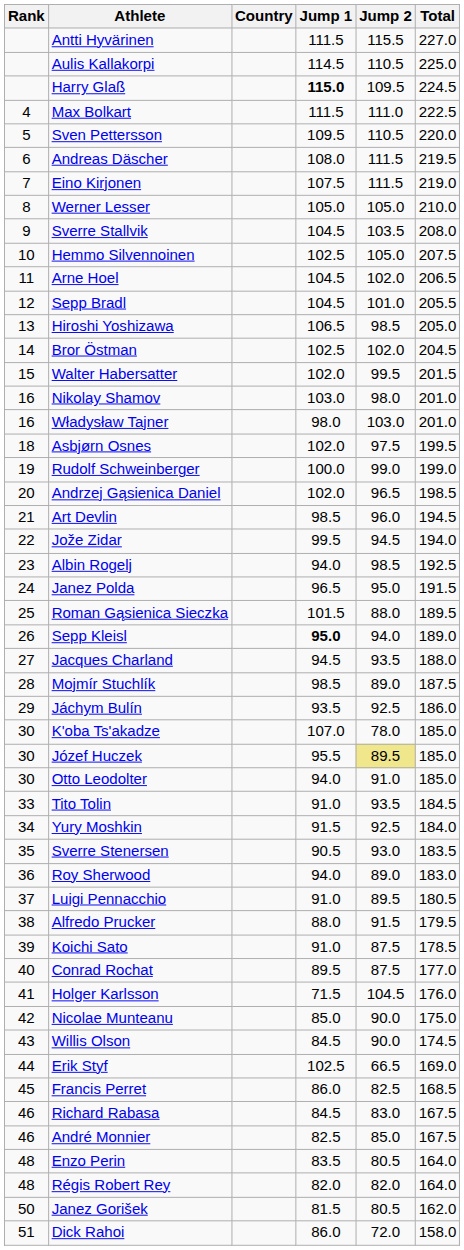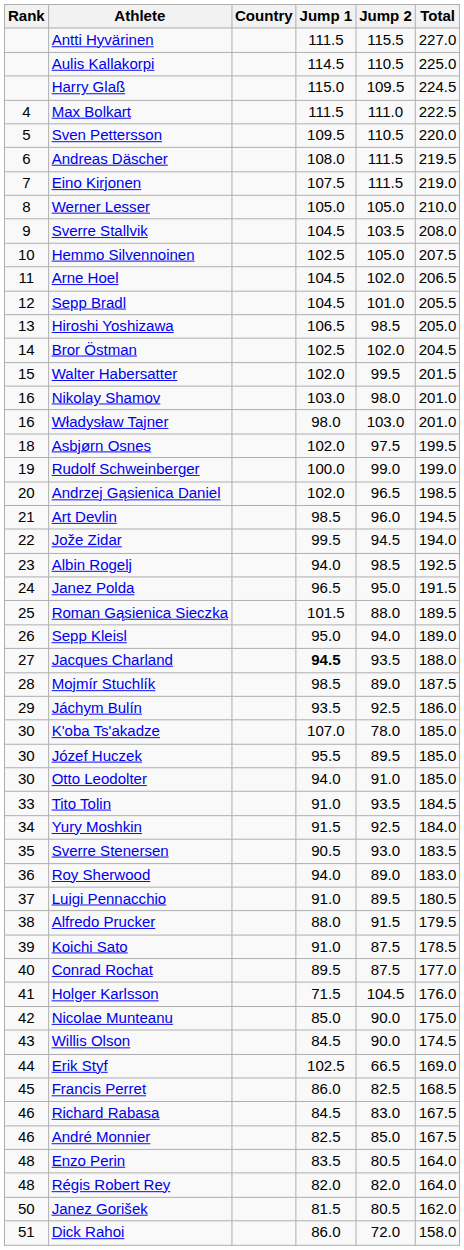 <table class="wikitable sortable" style="text-align:center">
 <tr>
 <th>Rank</th>
 <th>Athlete</th>
 <th>Country</th>
 <th>Jump 1</th>
 <th>Jump 2</th>
 <th>Total</th>
 </tr>
 <tr>
 <td></td>
 <td align=left><a href='#'>Antti Hyvärinen</a></td>
 <td align=left></td>
 <td>111.5</td>
 <td>115.5</td>
 <td>227.0</td>
 </tr>
 <tr>
 <td></td>
 <td align=left><a href='#'>Aulis Kallakorpi</a></td>
 <td align=left></td>
 <td>114.5</td>
 <td>110.5</td>
 <td>225.0</td>
 </tr>
 <tr>
 <td></td>
 <td align=left><a href='#'>Harry Glaß</a></td>
 <td align=left></td>
-<td><strong>115.0</strong></td>
+<td>115.0</td>
 <td>109.5</td>
 <td>224.5</td>
 </tr>
 <tr>
 <td>4</td>
 <td align=left><a href='#'>Max Bolkart</a></td>
 <td align=left></td>
 <td>111.5</td>
 <td>111.0</td>
 <td>222.5</td>
 </tr>
 <tr>
 <td>5</td>
 <td align=left><a href='#'>Sven Pettersson</a></td>
 <td align=left></td>
 <td>109.5</td>
 <td>110.5</td>
 <td>220.0</td>
 </tr>
 <tr>
 <td>6</td>
 <td align=left><a href='#'>Andreas Däscher</a></td>
 <td align=left></td>
 <td>108.0</td>
 <td>111.5</td>
 <td>219.5</td>
 </tr>
 <tr>
 <td>7</td>
 <td align=left><a href='#'>Eino Kirjonen</a></td>
 <td align=left></td>
 <td>107.5</td>
 <td>111.5</td>
 <td>219.0</td>
 </tr>
 <tr>
 <td>8</td>
 <td align=left><a href='#'>Werner Lesser</a></td>
 <td align=left></td>
 <td>105.0</td>
 <td>105.0</td>
 <td>210.0</td>
 </tr>
 <tr>
 <td>9</td>
 <td align=left><a href='#'>Sverre Stallvik</a></td>
 <td align=left></td>
 <td>104.5</td>
 <td>103.5</td>
 <td>208.0</td>
 </tr>
 <tr>
 <td>10</td>
 <td align=left><a href='#'>Hemmo Silvennoinen</a></td>
 <td align=left></td>
 <td>102.5</td>
 <td>105.0</td>
 <td>207.5</td>
 </tr>
 <tr>
 <td>11</td>
 <td align=left><a href='#'>Arne Hoel</a></td>
 <td align=left></td>
 <td>104.5</td>
 <td>102.0</td>
 <td>206.5</td>
 </tr>
 <tr>
 <td>12</td>
 <td align=left><a href='#'>Sepp Bradl</a></td>
 <td align=left></td>
 <td>104.5</td>
 <td>101.0</td>
 <td>205.5</td>
 </tr>
 <tr>
 <td>13</td>
 <td align=left><a href='#'>Hiroshi Yoshizawa</a></td>
 <td align=left></td>
 <td>106.5</td>
 <td>98.5</td>
 <td>205.0</td>
 </tr>
 <tr>
 <td>14</td>
 <td align=left><a href='#'>Bror Östman</a></td>
 <td align=left></td>
 <td>102.5</td>
 <td>102.0</td>
 <td>204.5</td>
 </tr>
 <tr>
 <td>15</td>
 <td align=left><a href='#'>Walter Habersatter</a></td>
 <td align=left></td>
 <td>102.0</td>
 <td>99.5</td>
 <td>201.5</td>
 </tr>
 <tr>
 <td>16</td>
 <td align=left><a href='#'>Nikolay Shamov</a></td>
 <td align=left></td>
 <td>103.0</td>
 <td>98.0</td>
 <td>201.0</td>
 </tr>
 <tr>
 <td>16</td>
 <td align=left><a href='#'>Władysław Tajner</a></td>
 <td align=left></td>
 <td>98.0</td>
 <td>103.0</td>
 <td>201.0</td>
 </tr>
 <tr>
 <td>18</td>
 <td align=left><a href='#'>Asbjørn Osnes</a></td>
 <td align=left></td>
 <td>102.0</td>
 <td>97.5</td>
 <td>199.5</td>
 </tr>
 <tr>
 <td>19</td>
 <td align=left><a href='#'>Rudolf Schweinberger</a></td>
 <td align=left></td>
 <td>100.0</td>
 <td>99.0</td>
 <td>199.0</td>
 </tr>
 <tr>
 <td>20</td>
 <td align=left><a href='#'>Andrzej Gąsienica Daniel</a></td>
 <td align=left></td>
 <td>102.0</td>
 <td>96.5</td>
 <td>198.5</td>
 </tr>
 <tr>
 <td>21</td>
 <td align=left><a href='#'>Art Devlin</a></td>
 <td align=left></td>
 <td>98.5</td>
 <td>96.0</td>
 <td>194.5</td>
 </tr>
 <tr>
 <td>22</td>
 <td align=left><a href='#'>Jože Zidar</a></td>
 <td align=left></td>
 <td>99.5</td>
 <td>94.5</td>
 <td>194.0</td>
 </tr>
 <tr>
 <td>23</td>
 <td align=left><a href='#'>Albin Rogelj</a></td>
 <td align=left></td>
 <td>94.0</td>
 <td>98.5</td>
 <td>192.5</td>
 </tr>
 <tr>
 <td>24</td>
 <td align=left><a href='#'>Janez Polda</a></td>
 <td align=left></td>
 <td>96.5</td>
 <td>95.0</td>
 <td>191.5</td>
 </tr>
 <tr>
 <td>25</td>
 <td align=left><a href='#'>Roman Gąsienica Sieczka</a></td>
 <td align=left></td>
 <td>101.5</td>
 <td>88.0</td>
 <td>189.5</td>
 </tr>
 <tr>
 <td>26</td>
 <td align=left><a href='#'>Sepp Kleisl</a></td>
 <td align=left></td>
-<td><strong>95.0</strong></td>
+<td>95.0</td>
 <td>94.0</td>
 <td>189.0</td>
 </tr>
 <tr>
 <td>27</td>
 <td align=left><a href='#'>Jacques Charland</a></td>
 <td align=left></td>
-<td>94.5</td>
+<td><strong>94.5</strong></td>
 <td>93.5</td>
 <td>188.0</td>
 </tr>
 <tr>
 <td>28</td>
 <td align=left><a href='#'>Mojmír Stuchlík</a></td>
 <td align=left></td>
 <td>98.5</td>
 <td>89.0</td>
 <td>187.5</td>
 </tr>
 <tr>
 <td>29</td>
 <td align=left><a href='#'>Jáchym Bulín</a></td>
 <td align=left></td>
 <td>93.5</td>
 <td>92.5</td>
 <td>186.0</td>
 </tr>
 <tr>
 <td>30</td>
 <td align=left><a href='#'>K'oba Ts'akadze</a></td>
 <td align=left></td>
 <td>107.0</td>
 <td>78.0</td>
 <td>185.0</td>
 </tr>
 <tr>
 <td>30</td>
 <td align=left><a href='#'>Józef Huczek</a></td>
 <td align=left></td>
 <td>95.5</td>
-<td style="background: khaki;">89.5</td>
+<td>89.5</td>
 <td>185.0</td>
 </tr>
 <tr>
 <td>30</td>
 <td align=left><a href='#'>Otto Leodolter</a></td>
 <td align=left></td>
 <td>94.0</td>
 <td>91.0</td>
 <td>185.0</td>
 </tr>
 <tr>
 <td>33</td>
 <td align=left><a href='#'>Tito Tolin</a></td>
 <td align=left></td>
 <td>91.0</td>
 <td>93.5</td>
 <td>184.5</td>
 </tr>
 <tr>
 <td>34</td>
 <td align=left><a href='#'>Yury Moshkin</a></td>
 <td align=left></td>
 <td>91.5</td>
 <td>92.5</td>
 <td>184.0</td>
 </tr>
 <tr>
 <td>35</td>
 <td align=left><a href='#'>Sverre Stenersen</a></td>
 <td align=left></td>
 <td>90.5</td>
 <td>93.0</td>
 <td>183.5</td>
 </tr>
 <tr>
 <td>36</td>
 <td align=left><a href='#'>Roy Sherwood</a></td>
 <td align=left></td>
 <td>94.0</td>
 <td>89.0</td>
 <td>183.0</td>
 </tr>
 <tr>
 <td>37</td>
 <td align=left><a href='#'>Luigi Pennacchio</a></td>
 <td align=left></td>
 <td>91.0</td>
 <td>89.5</td>
 <td>180.5</td>
 </tr>
 <tr>
 <td>38</td>
 <td align=left><a href='#'>Alfredo Prucker</a></td>
 <td align=left></td>
 <td>88.0</td>
 <td>91.5</td>
 <td>179.5</td>
 </tr>
 <tr>
 <td>39</td>
 <td align=left><a href='#'>Koichi Sato</a></td>
 <td align=left></td>
 <td>91.0</td>
 <td>87.5</td>
 <td>178.5</td>
 </tr>
 <tr>
 <td>40</td>
 <td align=left><a href='#'>Conrad Rochat</a></td>
 <td align=left></td>
 <td>89.5</td>
 <td>87.5</td>
 <td>177.0</td>
 </tr>
 <tr>
 <td>41</td>
 <td align=left><a href='#'>Holger Karlsson</a></td>
 <td align=left></td>
 <td>71.5</td>
 <td>104.5</td>
 <td>176.0</td>
 </tr>
 <tr>
 <td>42</td>
 <td align=left><a href='#'>Nicolae Munteanu</a></td>
 <td align=left></td>
 <td>85.0</td>
 <td>90.0</td>
 <td>175.0</td>
 </tr>
 <tr>
 <td>43</td>
 <td align=left><a href='#'>Willis Olson</a></td>
 <td align=left></td>
 <td>84.5</td>
 <td>90.0</td>
 <td>174.5</td>
 </tr>
 <tr>
 <td>44</td>
 <td align=left><a href='#'>Erik Styf</a></td>
 <td align=left></td>
 <td>102.5</td>
 <td>66.5</td>
 <td>169.0</td>
 </tr>
 <tr>
 <td>45</td>
 <td align=left><a href='#'>Francis Perret</a></td>
 <td align=left></td>
 <td>86.0</td>
 <td>82.5</td>
 <td>168.5</td>
 </tr>
 <tr>
 <td>46</td>
 <td align=left><a href='#'>Richard Rabasa</a></td>
 <td align=left></td>
 <td>84.5</td>
 <td>83.0</td>
 <td>167.5</td>
 </tr>
 <tr>
 <td>46</td>
 <td align=left><a href='#'>André Monnier</a></td>
 <td align=left></td>
 <td>82.5</td>
 <td>85.0</td>
 <td>167.5</td>
 </tr>
 <tr>
 <td>48</td>
 <td align=left><a href='#'>Enzo Perin</a></td>
 <td align=left></td>
 <td>83.5</td>
 <td>80.5</td>
 <td>164.0</td>
 </tr>
 <tr>
 <td>48</td>
 <td align=left><a href='#'>Régis Robert Rey</a></td>
 <td align=left></td>
 <td>82.0</td>
 <td>82.0</td>
 <td>164.0</td>
 </tr>
 <tr>
 <td>50</td>
 <td align=left><a href='#'>Janez Gorišek</a></td>
 <td align=left></td>
 <td>81.5</td>
 <td>80.5</td>
 <td>162.0</td>
 </tr>
 <tr>
 <td>51</td>
 <td align=left><a href='#'>Dick Rahoi</a></td>
 <td align=left></td>
 <td>86.0</td>
 <td>72.0</td>
 <td>158.0</td>
 </tr>
 </table>
